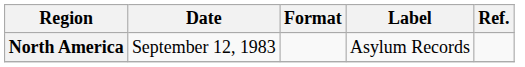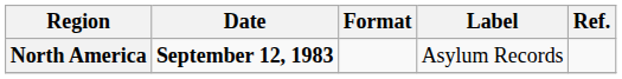 <table class="wikitable plainrowheaders">
 <tr>
 <th scope="col">Region</th>
 <th scope="col">Date</th>
 <th scope="col">Format</th>
 <th scope="col">Label</th>
 <th scope="col">Ref.</th>
 </tr>
 <tr>
 <th scope="row">North America</th>
-<td>September 12, 1983</td>
+<td><strong>September 12, 1983</strong></td>
 <td></td>
 <td>Asylum Records</td>
 <td></td>
 </tr>
 <tr>
 </tr>
 </table>
